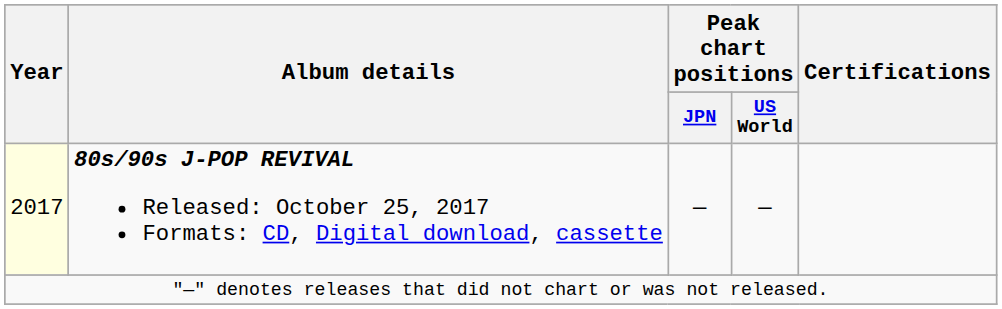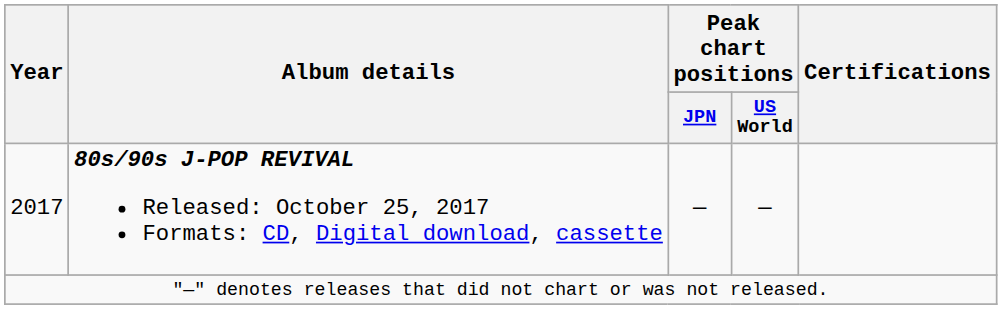 <table class="wikitable" style="text-align:center;">
 <tr>
 <th rowspan="2">Year</th>
 <th rowspan="2">Album details</th>
 <th colspan="2">Peak chart positions</th>
 <th rowspan="2">Certifications</th>
 </tr>
 <tr style="font-size:smaller">
 <th style="width:30px;"><a href='#'>JPN</a></th>
 <th style="width:30px;"><a href='#'>US</a> World</th>
 </tr>
 <tr>
-<td style="background: lightyellow;">2017</td>
+<td>2017</td>
 <td style="text-align:left;"><strong><em>80s/90s J-POP REVIVAL</em></strong><br><ul><li>Released: October 25, 2017</li><li>Formats: <a href='#'>CD</a>, <a href='#'>Digital download</a>, <a href='#'>cassette</a></li></ul></td>
 <td>—</td>
 <td>—</td>
 <td></td>
 </tr>
 <tr>
 <td colspan="20" style="font-size:8pt">"—" denotes releases that did not chart or was not released.</td>
 </tr>
 </table>
